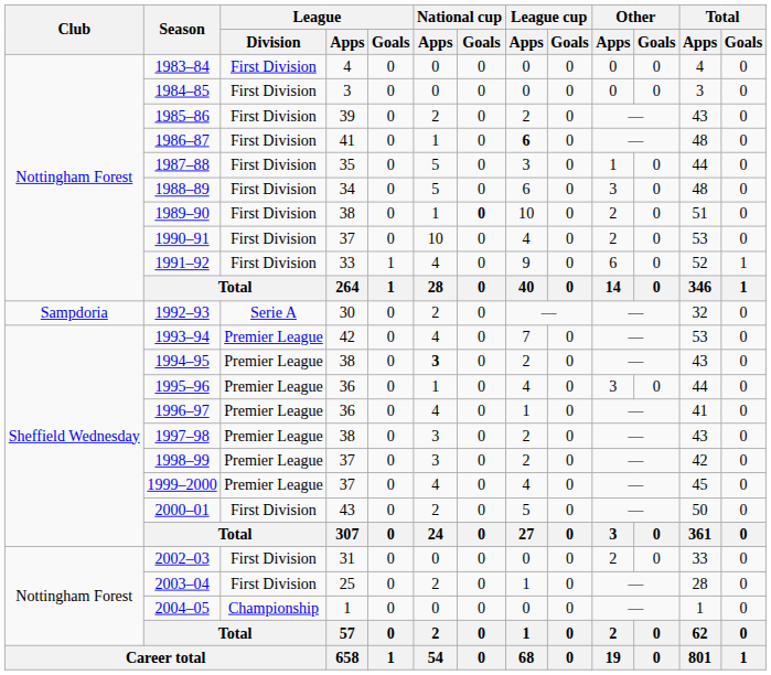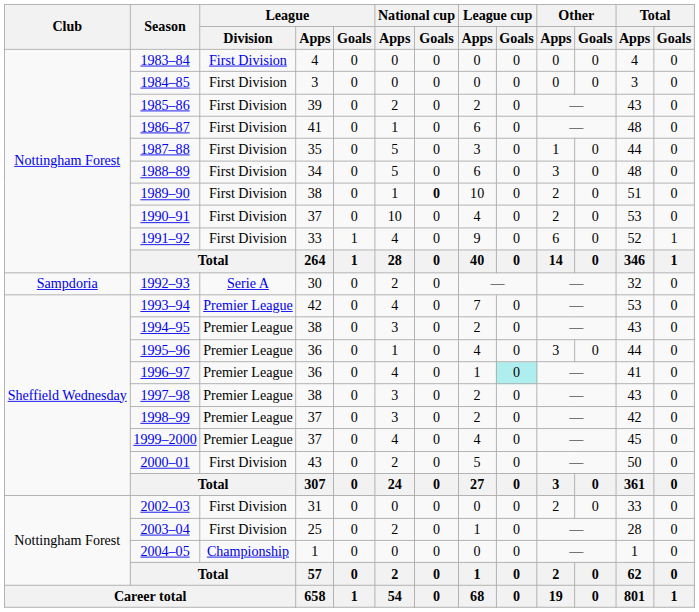 <table class="wikitable" style="text-align:center;">
 <tr>
 <th rowspan="2">Club</th>
 <th rowspan="2">Season</th>
 <th colspan="3">League</th>
 <th colspan="2">National cup</th>
 <th colspan="2">League cup</th>
 <th colspan="2">Other</th>
 <th colspan="2">Total</th>
 </tr>
 <tr>
 <th>Division</th>
 <th>Apps</th>
 <th>Goals</th>
 <th>Apps</th>
 <th>Goals</th>
 <th>Apps</th>
 <th>Goals</th>
 <th>Apps</th>
 <th>Goals</th>
 <th>Apps</th>
 <th>Goals</th>
 </tr>
 <tr>
 <td rowspan="10"><a href='#'>Nottingham Forest</a></td>
 <td><a href='#'>1983–84</a></td>
 <td><a href='#'>First Division</a></td>
 <td>4</td>
 <td>0</td>
 <td>0</td>
 <td>0</td>
 <td>0</td>
 <td>0</td>
 <td>0</td>
 <td>0</td>
 <td>4</td>
 <td>0</td>
 </tr>
 <tr>
 <td><a href='#'>1984–85</a></td>
 <td>First Division</td>
 <td>3</td>
 <td>0</td>
 <td>0</td>
 <td>0</td>
 <td>0</td>
 <td>0</td>
 <td>0</td>
 <td>0</td>
 <td>3</td>
 <td>0</td>
 </tr>
 <tr>
 <td><a href='#'>1985–86</a></td>
 <td>First Division</td>
 <td>39</td>
 <td>0</td>
 <td>2</td>
 <td>0</td>
 <td>2</td>
 <td>0</td>
 <td colspan="2">—</td>
 <td>43</td>
 <td>0</td>
 </tr>
 <tr>
 <td><a href='#'>1986–87</a></td>
 <td>First Division</td>
 <td>41</td>
 <td>0</td>
 <td>1</td>
 <td>0</td>
-<td><strong>6</strong></td>
+<td>6</td>
 <td>0</td>
 <td colspan="2">—</td>
 <td>48</td>
 <td>0</td>
 </tr>
 <tr>
 <td><a href='#'>1987–88</a></td>
 <td>First Division</td>
 <td>35</td>
 <td>0</td>
 <td>5</td>
 <td>0</td>
 <td>3</td>
 <td>0</td>
 <td>1</td>
 <td>0</td>
 <td>44</td>
 <td>0</td>
 </tr>
 <tr>
 <td><a href='#'>1988–89</a></td>
 <td>First Division</td>
 <td>34</td>
 <td>0</td>
 <td>5</td>
 <td>0</td>
 <td>6</td>
 <td>0</td>
 <td>3</td>
 <td>0</td>
 <td>48</td>
 <td>0</td>
 </tr>
 <tr>
 <td><a href='#'>1989–90</a></td>
 <td>First Division</td>
 <td>38</td>
 <td>0</td>
 <td>1</td>
 <td><strong>0</strong></td>
 <td>10</td>
 <td>0</td>
 <td>2</td>
 <td>0</td>
 <td>51</td>
 <td>0</td>
 </tr>
 <tr>
 <td><a href='#'>1990–91</a></td>
 <td>First Division</td>
 <td>37</td>
 <td>0</td>
 <td>10</td>
 <td>0</td>
 <td>4</td>
 <td>0</td>
 <td>2</td>
 <td>0</td>
 <td>53</td>
 <td>0</td>
 </tr>
 <tr>
 <td><a href='#'>1991–92</a></td>
 <td>First Division</td>
 <td>33</td>
 <td>1</td>
 <td>4</td>
 <td>0</td>
 <td>9</td>
 <td>0</td>
 <td>6</td>
 <td>0</td>
 <td>52</td>
 <td>1</td>
 </tr>
 <tr>
 <th colspan="2">Total</th>
 <th>264</th>
 <th>1</th>
 <th>28</th>
 <th>0</th>
 <th>40</th>
 <th>0</th>
 <th>14</th>
 <th>0</th>
 <th>346</th>
 <th>1</th>
 </tr>
 <tr>
 <td><a href='#'>Sampdoria</a></td>
 <td><a href='#'>1992–93</a></td>
 <td><a href='#'>Serie A</a></td>
 <td>30</td>
 <td>0</td>
 <td>2</td>
 <td>0</td>
 <td colspan="2">—</td>
 <td colspan="2">—</td>
 <td>32</td>
 <td>0</td>
 </tr>
 <tr>
 <td rowspan="9"><a href='#'>Sheffield Wednesday</a></td>
 <td><a href='#'>1993–94</a></td>
 <td><a href='#'>Premier League</a></td>
 <td>42</td>
 <td>0</td>
 <td>4</td>
 <td>0</td>
 <td>7</td>
 <td>0</td>
 <td colspan="2">—</td>
 <td>53</td>
 <td>0</td>
 </tr>
 <tr>
 <td><a href='#'>1994–95</a></td>
 <td>Premier League</td>
 <td>38</td>
 <td>0</td>
-<td><strong>3</strong></td>
+<td>3</td>
 <td>0</td>
 <td>2</td>
 <td>0</td>
 <td colspan="2">—</td>
 <td>43</td>
 <td>0</td>
 </tr>
 <tr>
 <td><a href='#'>1995–96</a></td>
 <td>Premier League</td>
 <td>36</td>
 <td>0</td>
 <td>1</td>
 <td>0</td>
 <td>4</td>
 <td>0</td>
 <td>3</td>
 <td>0</td>
 <td>44</td>
 <td>0</td>
 </tr>
 <tr>
 <td><a href='#'>1996–97</a></td>
 <td>Premier League</td>
 <td>36</td>
 <td>0</td>
 <td>4</td>
 <td>0</td>
 <td>1</td>
-<td>0</td>
+<td style="background: paleturquoise;">0</td>
 <td colspan="2">—</td>
 <td>41</td>
 <td>0</td>
 </tr>
 <tr>
 <td><a href='#'>1997–98</a></td>
 <td>Premier League</td>
 <td>38</td>
 <td>0</td>
 <td>3</td>
 <td>0</td>
 <td>2</td>
 <td>0</td>
 <td colspan="2">—</td>
 <td>43</td>
 <td>0</td>
 </tr>
 <tr>
 <td><a href='#'>1998–99</a></td>
 <td>Premier League</td>
 <td>37</td>
 <td>0</td>
 <td>3</td>
 <td>0</td>
 <td>2</td>
 <td>0</td>
 <td colspan="2">—</td>
 <td>42</td>
 <td>0</td>
 </tr>
 <tr>
 <td><a href='#'>1999–2000</a></td>
 <td>Premier League</td>
 <td>37</td>
 <td>0</td>
 <td>4</td>
 <td>0</td>
 <td>4</td>
 <td>0</td>
 <td colspan="2">—</td>
 <td>45</td>
 <td>0</td>
 </tr>
 <tr>
 <td><a href='#'>2000–01</a></td>
 <td>First Division</td>
 <td>43</td>
 <td>0</td>
 <td>2</td>
 <td>0</td>
 <td>5</td>
 <td>0</td>
 <td colspan="2">—</td>
 <td>50</td>
 <td>0</td>
 </tr>
 <tr>
 <th colspan="2">Total</th>
 <th>307</th>
 <th>0</th>
 <th>24</th>
 <th>0</th>
 <th>27</th>
 <th>0</th>
 <th>3</th>
 <th>0</th>
 <th>361</th>
 <th>0</th>
 </tr>
 <tr>
 <td rowspan="4">Nottingham Forest</td>
 <td><a href='#'>2002–03</a></td>
 <td>First Division</td>
 <td>31</td>
 <td>0</td>
 <td>0</td>
 <td>0</td>
 <td>0</td>
 <td>0</td>
 <td>2</td>
 <td>0</td>
 <td>33</td>
 <td>0</td>
 </tr>
 <tr>
 <td><a href='#'>2003–04</a></td>
 <td>First Division</td>
 <td>25</td>
 <td>0</td>
 <td>2</td>
 <td>0</td>
 <td>1</td>
 <td>0</td>
 <td colspan="2">—</td>
 <td>28</td>
 <td>0</td>
 </tr>
 <tr>
 <td><a href='#'>2004–05</a></td>
 <td><a href='#'>Championship</a></td>
 <td>1</td>
 <td>0</td>
 <td>0</td>
 <td>0</td>
 <td>0</td>
 <td>0</td>
 <td colspan="2">—</td>
 <td>1</td>
 <td>0</td>
 </tr>
 <tr>
 <th colspan="2">Total</th>
 <th>57</th>
 <th>0</th>
 <th>2</th>
 <th>0</th>
 <th>1</th>
 <th>0</th>
 <th>2</th>
 <th>0</th>
 <th>62</th>
 <th>0</th>
 </tr>
 <tr>
 <th colspan="3">Career total</th>
 <th>658</th>
 <th>1</th>
 <th>54</th>
 <th>0</th>
 <th>68</th>
 <th>0</th>
 <th>19</th>
 <th>0</th>
 <th>801</th>
 <th>1</th>
 </tr>
 </table>
